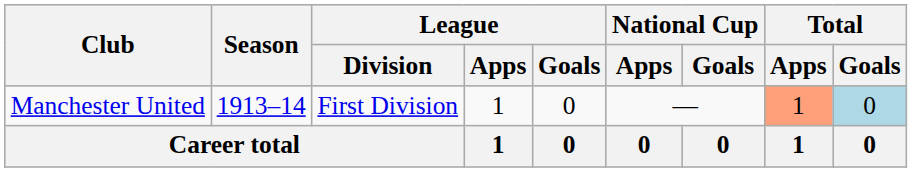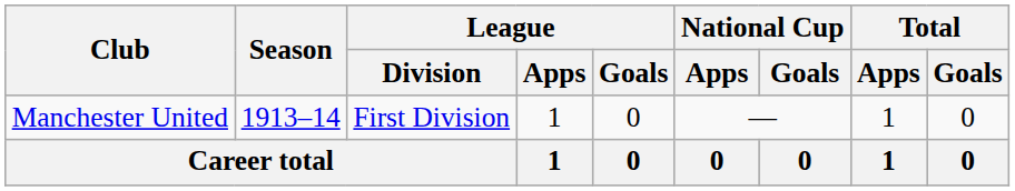 <table class="wikitable" style="text-align: center">
 <tr>
 <th rowspan="2">Club</th>
 <th rowspan="2">Season</th>
 <th colspan="3">League</th>
 <th colspan="2">National Cup</th>
 <th colspan="2">Total</th>
 </tr>
 <tr>
 <th>Division</th>
 <th>Apps</th>
 <th>Goals</th>
 <th>Apps</th>
 <th>Goals</th>
 <th>Apps</th>
 <th>Goals</th>
 </tr>
 <tr>
 <td><a href='#'>Manchester United</a></td>
 <td><a href='#'>1913–14</a></td>
 <td><a href='#'>First Division</a></td>
 <td>1</td>
 <td>0</td>
 <td colspan="2">—</td>
-<td style="background: lightsalmon;">1</td>
-<td style="background: lightblue;">0</td>
+<td>1</td>
+<td>0</td>
 </tr>
 <tr>
 <th colspan="3">Career total</th>
 <th>1</th>
 <th>0</th>
 <th>0</th>
 <th>0</th>
 <th>1</th>
 <th>0</th>
 </tr>
 </table>
